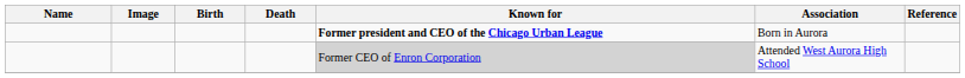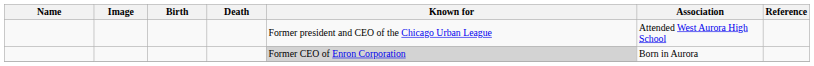 <table class="wikitable sortable">
 <tr>
 <th scope="col" width="140">Name</th>
 <th scope="col" width="80" class="unsortable">Image</th>
 <th scope="col" width="90">Birth</th>
 <th scope="col" width="90">Death</th>
 <th scope="col" width="600" class="unsortable">Known for</th>
 <th scope="col" width="200" class="unsortable">Association</th>
 <th scope="col" width="30" class="unsortable">Reference</th>
 </tr>
 <tr>
 <td></td>
 <td></td>
 <td align=right></td>
 <td></td>
-<td><strong>Former president and CEO of the <a href='#'>Chicago Urban League</a></strong></td>
-<td>Born in Aurora</td>
+<td>Former president and CEO of the <a href='#'>Chicago Urban League</a></td>
+<td>Attended <a href='#'>West Aurora High School</a></td>
 <td align="center"></td>
 </tr>
 <tr>
 <td></td>
 <td></td>
 <td align=right></td>
 <td></td>
 <td style="background: lightgrey;">Former CEO of <a href='#'>Enron Corporation</a></td>
-<td>Attended <a href='#'>West Aurora High School</a></td>
+<td>Born in Aurora</td>
 <td align="center"></td>
 </tr>
 <tr>
 </tr>
 </table>
